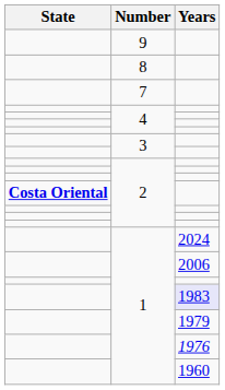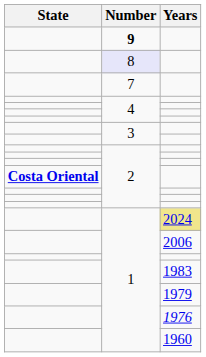 <table class="wikitable sortable">
 <tr>
 <th>State</th>
 <th>Number</th>
 <th>Years</th>
 </tr>
 <tr>
 <td><strong></strong></td>
-<td style="text-align:center;">9</td>
+<td style="text-align:center;"><strong>9</strong></td>
 <td></td>
 </tr>
 <tr>
 <td><strong></strong></td>
-<td style="text-align:center;">8</td>
+<td style="background: lavender; text-align:center;">8</td>
 <td></td>
 </tr>
 <tr>
 <td><strong></strong></td>
 <td style="text-align:center;">7</td>
 <td></td>
 </tr>
 <tr>
 <td><strong></strong></td>
 <td rowspan="4" style="text-align:center;">4</td>
 <td></td>
 </tr>
 <tr>
 <td><strong></strong></td>
 <td></td>
 </tr>
 <tr>
 <td><strong></strong></td>
 <td></td>
 </tr>
 <tr>
 <td><strong></strong></td>
 <td></td>
 </tr>
 <tr>
 <td><strong></strong></td>
 <td rowspan="2" style="text-align:center;">3</td>
 <td></td>
 </tr>
 <tr>
 <td><strong></strong></td>
 <td></td>
 </tr>
 <tr>
 <td><strong></strong></td>
 <td rowspan="7" style="text-align:center;">2</td>
 <td></td>
 </tr>
 <tr>
 <td><strong></strong></td>
 <td></td>
 </tr>
 <tr>
 <td><strong></strong></td>
 <td></td>
 </tr>
 <tr>
 <td><strong> <a href='#'>Costa Oriental</a></strong></td>
 <td></td>
 </tr>
 <tr>
 <td><strong></strong></td>
 <td></td>
 </tr>
 <tr>
 <td><strong></strong></td>
 <td></td>
 </tr>
 <tr>
 <td><strong></strong></td>
 <td></td>
 </tr>
 <tr>
 <td><strong></strong></td>
 <td rowspan="7" style="text-align:center;">1</td>
-<td><a href='#'>2024</a></td>
+<td style="background: khaki;"><a href='#'>2024</a></td>
 </tr>
 <tr>
 <td><strong></strong></td>
 <td><a href='#'>2006</a></td>
 </tr>
 <tr>
 <td><strong></strong></td>
 <td></td>
 </tr>
 <tr>
 <td><strong></strong></td>
-<td style="background: lavender;"><a href='#'>1983</a></td>
+<td><a href='#'>1983</a></td>
 </tr>
 <tr>
 <td><strong></strong></td>
 <td><a href='#'>1979</a></td>
 </tr>
 <tr>
 <td><strong></strong></td>
 <td><a href='#'><em>1976</em></a></td>
 </tr>
 <tr>
 <td><strong></strong></td>
 <td><a href='#'>1960</a></td>
 </tr>
 </table>
